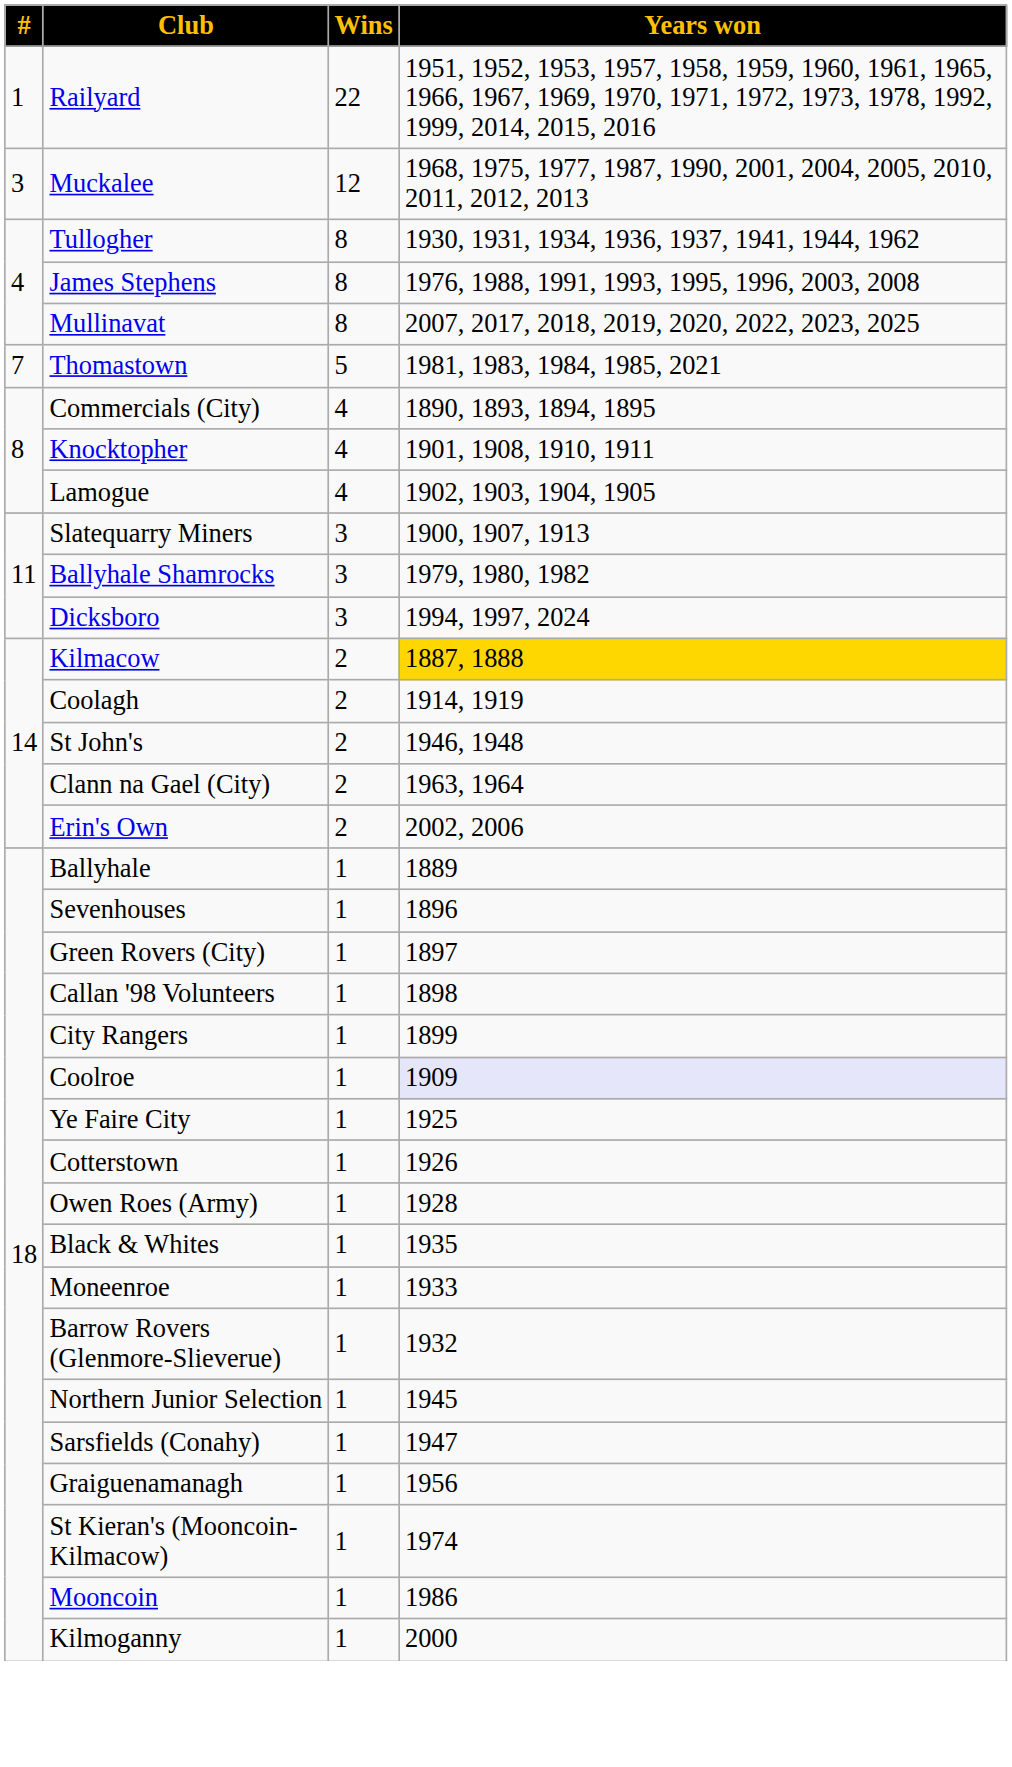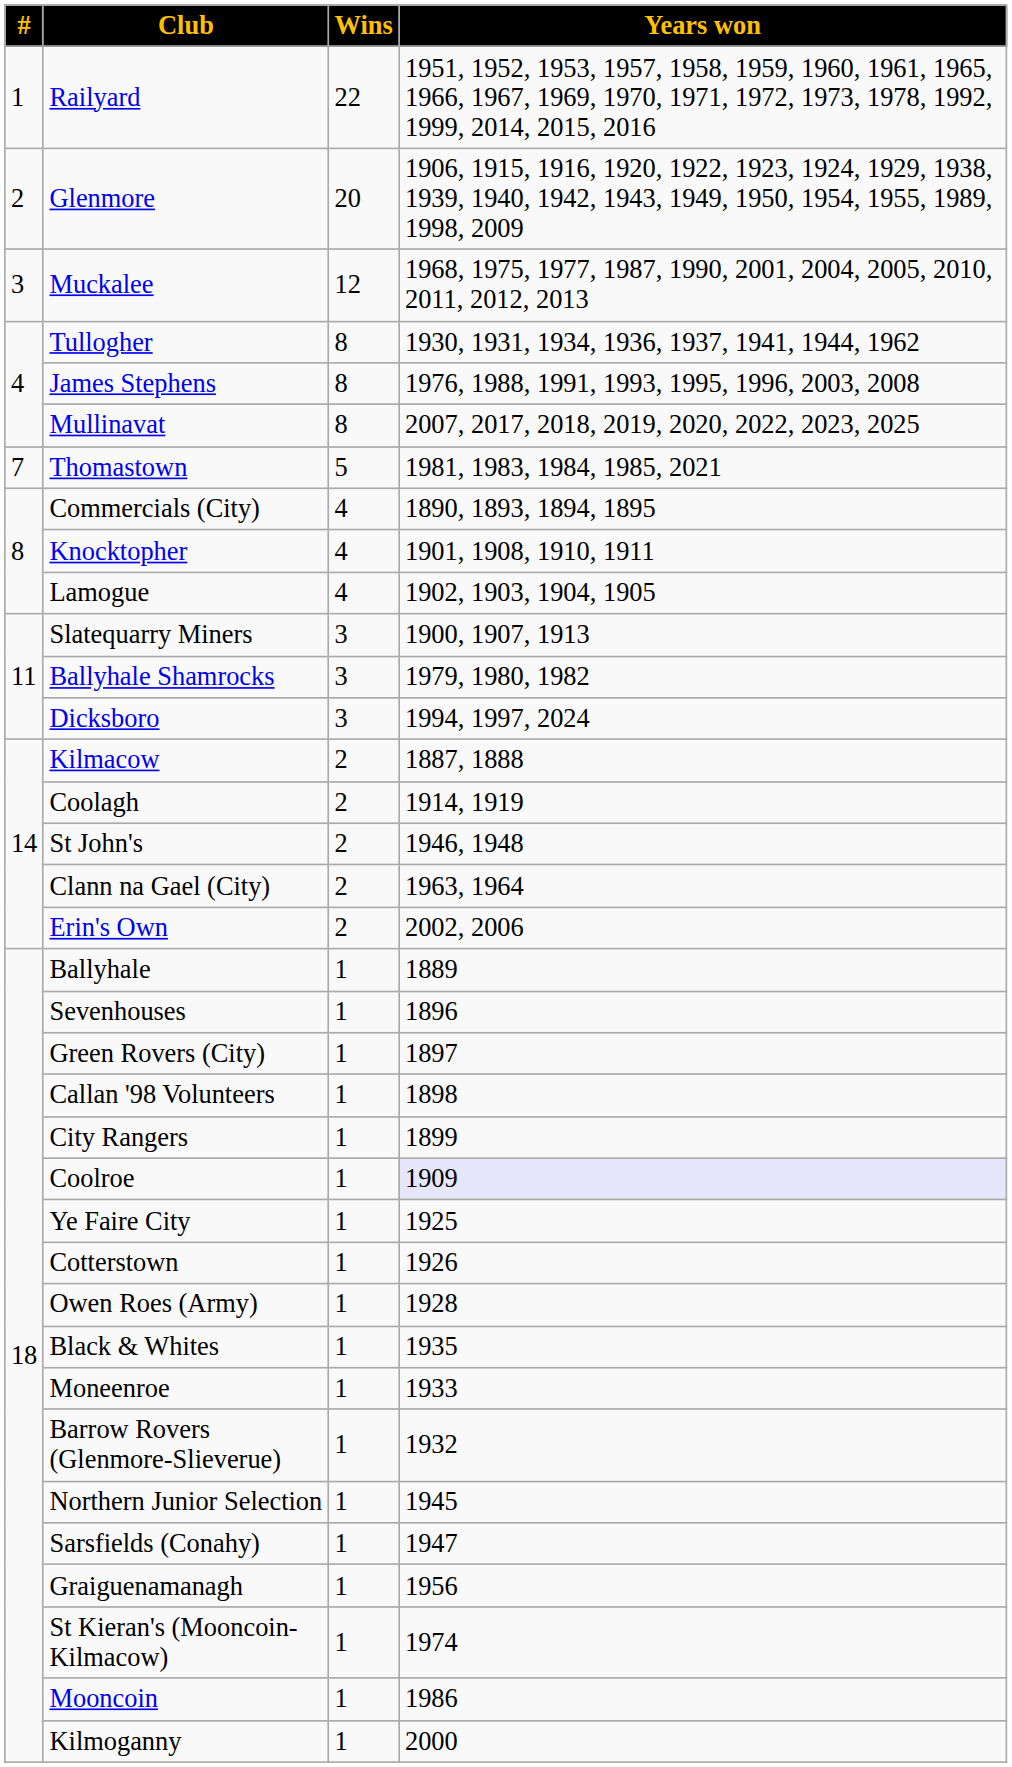 <table class="wikitable">
 <tr>
 <th style="background:black;color:#FFC000;">#</th>
 <th style="background:black;color:#FFC000;">Club</th>
 <th style="background:black;color:#FFC000;">Wins</th>
 <th style="background:black;color:#FFC000;">Years won</th>
 </tr>
 <tr>
 <td>1</td>
 <td><a href='#'>Railyard</a></td>
 <td>22</td>
 <td>1951, 1952, 1953, 1957, 1958, 1959, 1960, 1961, 1965, 1966, 1967, 1969, 1970, 1971, 1972, 1973, 1978, 1992, 1999, 2014, 2015, 2016</td>
+</tr>
+<tr>
+<td>2</td>
+<td><a href='#'>Glenmore</a></td>
+<td>20</td>
+<td>1906, 1915, 1916, 1920, 1922, 1923, 1924, 1929, 1938, 1939, 1940, 1942, 1943, 1949, 1950, 1954, 1955, 1989, 1998, 2009</td>
 </tr>
 <tr>
 <td>3</td>
 <td><a href='#'>Muckalee</a></td>
 <td>12</td>
 <td>1968, 1975, 1977, 1987, 1990, 2001, 2004, 2005, 2010, 2011, 2012, 2013</td>
 </tr>
 <tr>
 <td rowspan=3>4</td>
 <td><a href='#'>Tullogher</a></td>
 <td>8</td>
 <td>1930, 1931, 1934, 1936, 1937, 1941, 1944, 1962</td>
 </tr>
 <tr>
 <td><a href='#'>James Stephens</a></td>
 <td>8</td>
 <td>1976, 1988, 1991, 1993, 1995, 1996, 2003, 2008</td>
 </tr>
 <tr>
 <td><a href='#'>Mullinavat</a></td>
 <td>8</td>
 <td>2007, 2017, 2018, 2019, 2020, 2022, 2023, 2025</td>
 </tr>
 <tr>
 <td>7</td>
 <td><a href='#'>Thomastown</a></td>
 <td>5</td>
 <td>1981, 1983, 1984, 1985, 2021</td>
 </tr>
 <tr>
 <td rowspan=3>8</td>
 <td>Commercials (City)</td>
 <td>4</td>
 <td>1890, 1893, 1894, 1895</td>
 </tr>
 <tr>
 <td><a href='#'>Knocktopher</a></td>
 <td>4</td>
 <td>1901, 1908, 1910, 1911</td>
 </tr>
 <tr>
 <td>Lamogue</td>
 <td>4</td>
 <td>1902, 1903, 1904, 1905</td>
 </tr>
 <tr>
 <td rowspan=3>11</td>
 <td>Slatequarry Miners</td>
 <td>3</td>
 <td>1900, 1907, 1913</td>
 </tr>
 <tr>
 <td><a href='#'>Ballyhale Shamrocks</a></td>
 <td>3</td>
 <td>1979, 1980, 1982</td>
 </tr>
 <tr>
 <td><a href='#'>Dicksboro</a></td>
 <td>3</td>
 <td>1994, 1997, 2024</td>
 </tr>
 <tr>
 <td rowspan=5>14</td>
 <td><a href='#'>Kilmacow</a></td>
 <td>2</td>
-<td style="background: gold;">1887, 1888</td>
+<td>1887, 1888</td>
 </tr>
 <tr>
 <td>Coolagh</td>
 <td>2</td>
 <td>1914, 1919</td>
 </tr>
 <tr>
 <td>St John's</td>
 <td>2</td>
 <td>1946, 1948</td>
 </tr>
 <tr>
 <td>Clann na Gael (City)</td>
 <td>2</td>
 <td>1963, 1964</td>
 </tr>
 <tr>
 <td><a href='#'>Erin's Own</a></td>
 <td>2</td>
 <td>2002, 2006</td>
 </tr>
 <tr>
 <td rowspan=18>18</td>
 <td>Ballyhale</td>
 <td>1</td>
 <td>1889</td>
 </tr>
 <tr>
 <td>Sevenhouses</td>
 <td>1</td>
 <td>1896</td>
 </tr>
 <tr>
 <td>Green Rovers (City)</td>
 <td>1</td>
 <td>1897</td>
 </tr>
 <tr>
 <td>Callan '98 Volunteers</td>
 <td>1</td>
 <td>1898</td>
 </tr>
 <tr>
 <td>City Rangers</td>
 <td>1</td>
 <td>1899</td>
 </tr>
 <tr>
 <td>Coolroe</td>
 <td>1</td>
 <td style="background: lavender;">1909</td>
 </tr>
 <tr>
 <td>Ye Faire City</td>
 <td>1</td>
 <td>1925</td>
 </tr>
 <tr>
 <td>Cotterstown</td>
 <td>1</td>
 <td>1926</td>
 </tr>
 <tr>
 <td>Owen Roes (Army)</td>
 <td>1</td>
 <td>1928</td>
 </tr>
 <tr>
 <td>Black & Whites</td>
 <td>1</td>
 <td>1935</td>
 </tr>
 <tr>
 <td>Moneenroe</td>
 <td>1</td>
 <td>1933</td>
 </tr>
 <tr>
 <td>Barrow Rovers (Glenmore-Slieverue)</td>
 <td>1</td>
 <td>1932</td>
 </tr>
 <tr>
 <td>Northern Junior Selection</td>
 <td>1</td>
 <td>1945</td>
 </tr>
 <tr>
 <td>Sarsfields (Conahy)</td>
 <td>1</td>
 <td>1947</td>
 </tr>
 <tr>
 <td>Graiguenamanagh</td>
 <td>1</td>
 <td>1956</td>
 </tr>
 <tr>
 <td>St Kieran's (Mooncoin-Kilmacow)</td>
 <td>1</td>
 <td>1974</td>
 </tr>
 <tr>
 <td><a href='#'>Mooncoin</a></td>
 <td>1</td>
 <td>1986</td>
 </tr>
 <tr>
 <td>Kilmoganny</td>
 <td>1</td>
 <td>2000</td>
 </tr>
 </table>
